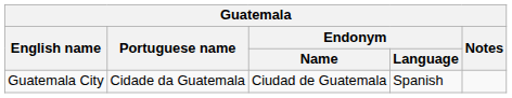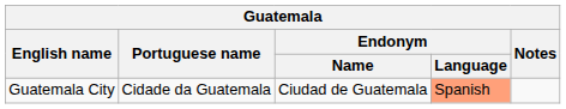 <table class="wikitable sortable">
 <tr>
 <th colspan="5"> Guatemala</th>
 </tr>
 <tr>
 <th rowspan="2">English name</th>
 <th rowspan="2">Portuguese name</th>
 <th colspan="2">Endonym</th>
 <th rowspan="2">Notes</th>
 </tr>
 <tr>
 <th>Name</th>
 <th>Language</th>
 </tr>
 <tr>
 <td>Guatemala City</td>
 <td>Cidade da Guatemala</td>
 <td>Ciudad de Guatemala</td>
-<td>Spanish</td>
+<td style="background: lightsalmon;">Spanish</td>
 <td></td>
 </tr>
 </table>
